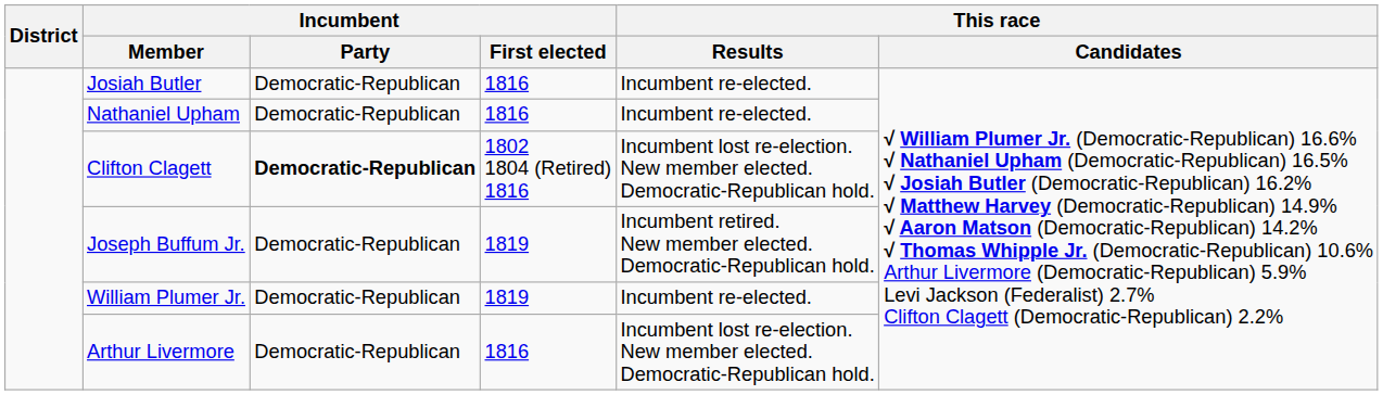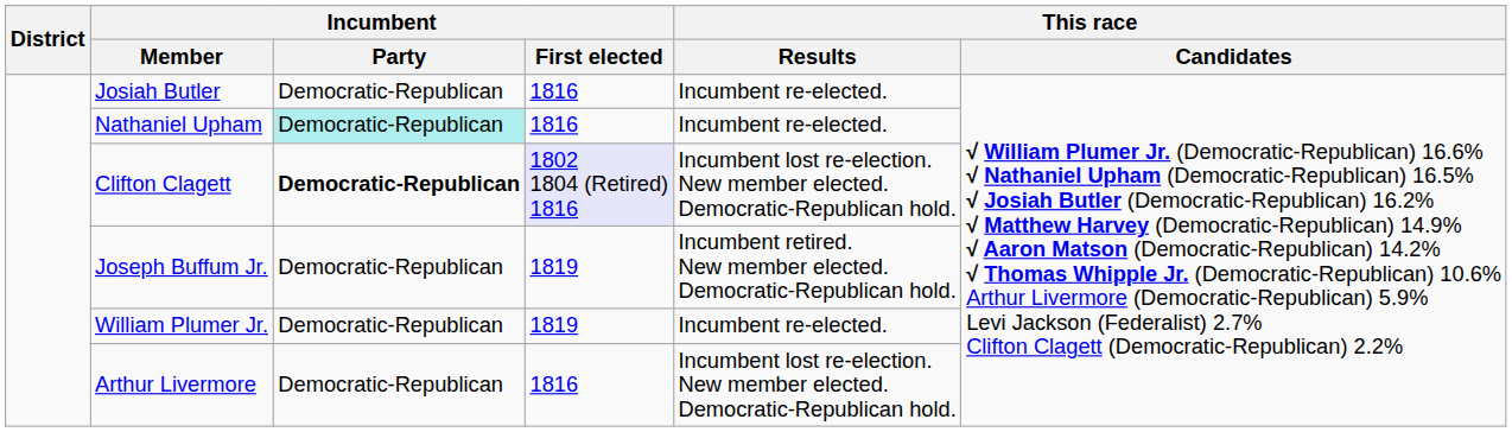 <table class=wikitable>
 <tr>
 <th rowspan=2>District</th>
 <th colspan=3>Incumbent</th>
 <th colspan=2>This race</th>
 </tr>
 <tr>
 <th>Member</th>
 <th>Party</th>
 <th>First elected</th>
 <th>Results</th>
 <th>Candidates</th>
 </tr>
 <tr>
 <td rowspan=6><br></td>
 <td><a href='#'>Josiah Butler</a></td>
 <td>Democratic-Republican</td>
 <td><a href='#'>1816</a></td>
 <td>Incumbent re-elected.</td>
 <td rowspan=6 nowrap><strong>√ <a href='#'>William Plumer Jr.</a></strong> (Democratic-Republican) 16.6%<br><strong>√ <a href='#'>Nathaniel Upham</a></strong> (Democratic-Republican) 16.5%<br><strong>√ <a href='#'>Josiah Butler</a></strong> (Democratic-Republican) 16.2%<br><strong>√ <a href='#'>Matthew Harvey</a></strong> (Democratic-Republican) 14.9%<br><strong>√ <a href='#'>Aaron Matson</a></strong> (Democratic-Republican) 14.2%<br><strong>√ <a href='#'>Thomas Whipple Jr.</a></strong> (Democratic-Republican) 10.6%<br><a href='#'>Arthur Livermore</a> (Democratic-Republican) 5.9%<br>Levi Jackson (Federalist) 2.7%<br><a href='#'>Clifton Clagett</a> (Democratic-Republican) 2.2%</td>
 </tr>
 <tr>
 <td><a href='#'>Nathaniel Upham</a></td>
-<td>Democratic-Republican</td>
+<td style="background: paleturquoise;">Democratic-Republican</td>
 <td><a href='#'>1816</a></td>
 <td>Incumbent re-elected.</td>
 </tr>
 <tr>
 <td><a href='#'>Clifton Clagett</a></td>
 <td><strong>Democratic-Republican</strong></td>
-<td><a href='#'>1802</a><br>1804 (Retired)<br><a href='#'>1816</a></td>
+<td style="background: lavender;"><a href='#'>1802</a><br>1804 (Retired)<br><a href='#'>1816</a></td>
 <td>Incumbent lost re-election.<br>New member elected.<br>Democratic-Republican hold.</td>
 </tr>
 <tr>
 <td><a href='#'>Joseph Buffum Jr.</a></td>
 <td>Democratic-Republican</td>
 <td><a href='#'>1819</a></td>
 <td>Incumbent retired.<br>New member elected.<br>Democratic-Republican hold.</td>
 </tr>
 <tr>
 <td><a href='#'>William Plumer Jr.</a></td>
 <td>Democratic-Republican</td>
 <td><a href='#'>1819</a></td>
 <td>Incumbent re-elected.</td>
 </tr>
 <tr>
 <td><a href='#'>Arthur Livermore</a></td>
 <td>Democratic-Republican</td>
 <td><a href='#'>1816</a></td>
 <td>Incumbent lost re-election.<br>New member elected.<br>Democratic-Republican hold.</td>
 </tr>
 </table>
